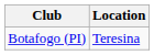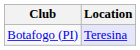 <table class="wikitable sortable">
 <tr>
 <th>Club</th>
 <th>Location</th>
 </tr>
 <tr>
 <td><a href='#'>Botafogo (PI)</a></td>
-<td><a href='#'>Teresina</a></td>
+<td style="background: lavender;"><a href='#'>Teresina</a></td>
 </tr>
 </table>
